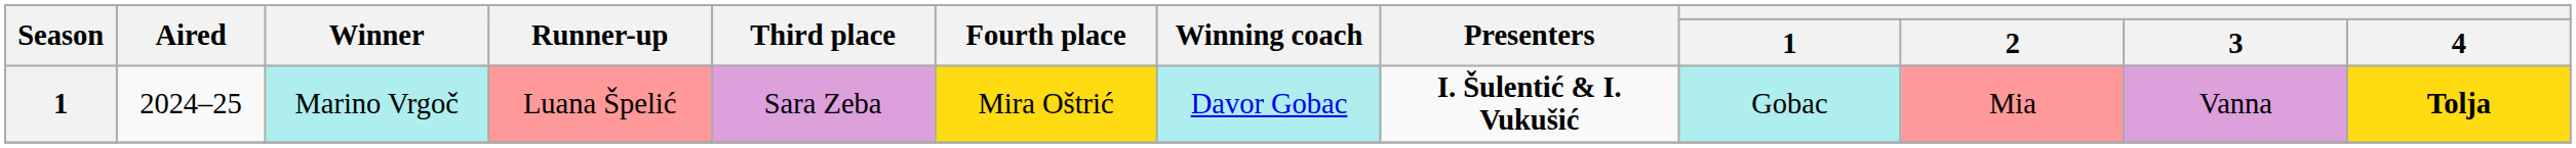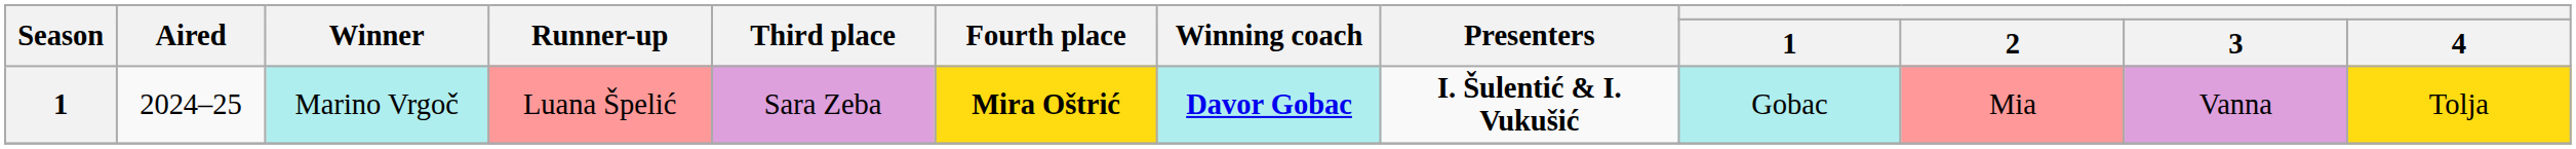 <table class="wikitable" style="text-align:center; font-size:90%; line-height:16px; width:100%">
 <tr>
 <th width="1%" rowspan="2" scope="col">Season</th>
 <th width="4%" rowspan="2" scope="col">Aired</th>
 <th width="6%" rowspan="2" scope="col">Winner</th>
 <th width="6%" rowspan="2" scope="col">Runner-up</th>
 <th width="6%" rowspan="2" scope="col">Third place</th>
 <th width="6%" rowspan="2" scope="col">Fourth place</th>
 <th width="6%" rowspan="2" scope="col">Winning coach</th>
 <th width="8%" rowspan="2" scope="col">Presenters</th>
 <th width="24%" colspan="4" scope="col"></th>
 </tr>
 <tr>
 <th width="6%">1</th>
 <th width="6%">2</th>
 <th width="6%">3</th>
 <th width="6%">4</th>
 </tr>
 <tr>
 <th>1</th>
 <td>2024–25</td>
 <td style="background:#afeeee">Marino Vrgoč</td>
 <td style="background:#ff9999">Luana Špelić</td>
 <td style="background:#dda0dd">Sara Zeba</td>
-<td style="background:#ffdb11">Mira Oštrić</td>
-<td style="background:#afeeee"><a href='#'>Davor Gobac</a></td>
+<td style="background:#ffdb11"><strong>Mira Oštrić</strong></td>
+<td style="background:#afeeee"><strong><a href='#'>Davor Gobac</a></strong></td>
 <td><strong>I. Šulentić & I. Vukušić</strong></td>
 <td style="background:#afeeee">Gobac</td>
 <td style="background:#ff9999">Mia</td>
 <td style="background:#dda0dd">Vanna</td>
-<td style="background:#ffdb11"><strong>Tolja</strong></td>
+<td style="background:#ffdb11">Tolja</td>
 </tr>
 <tr>
 </tr>
 </table>
